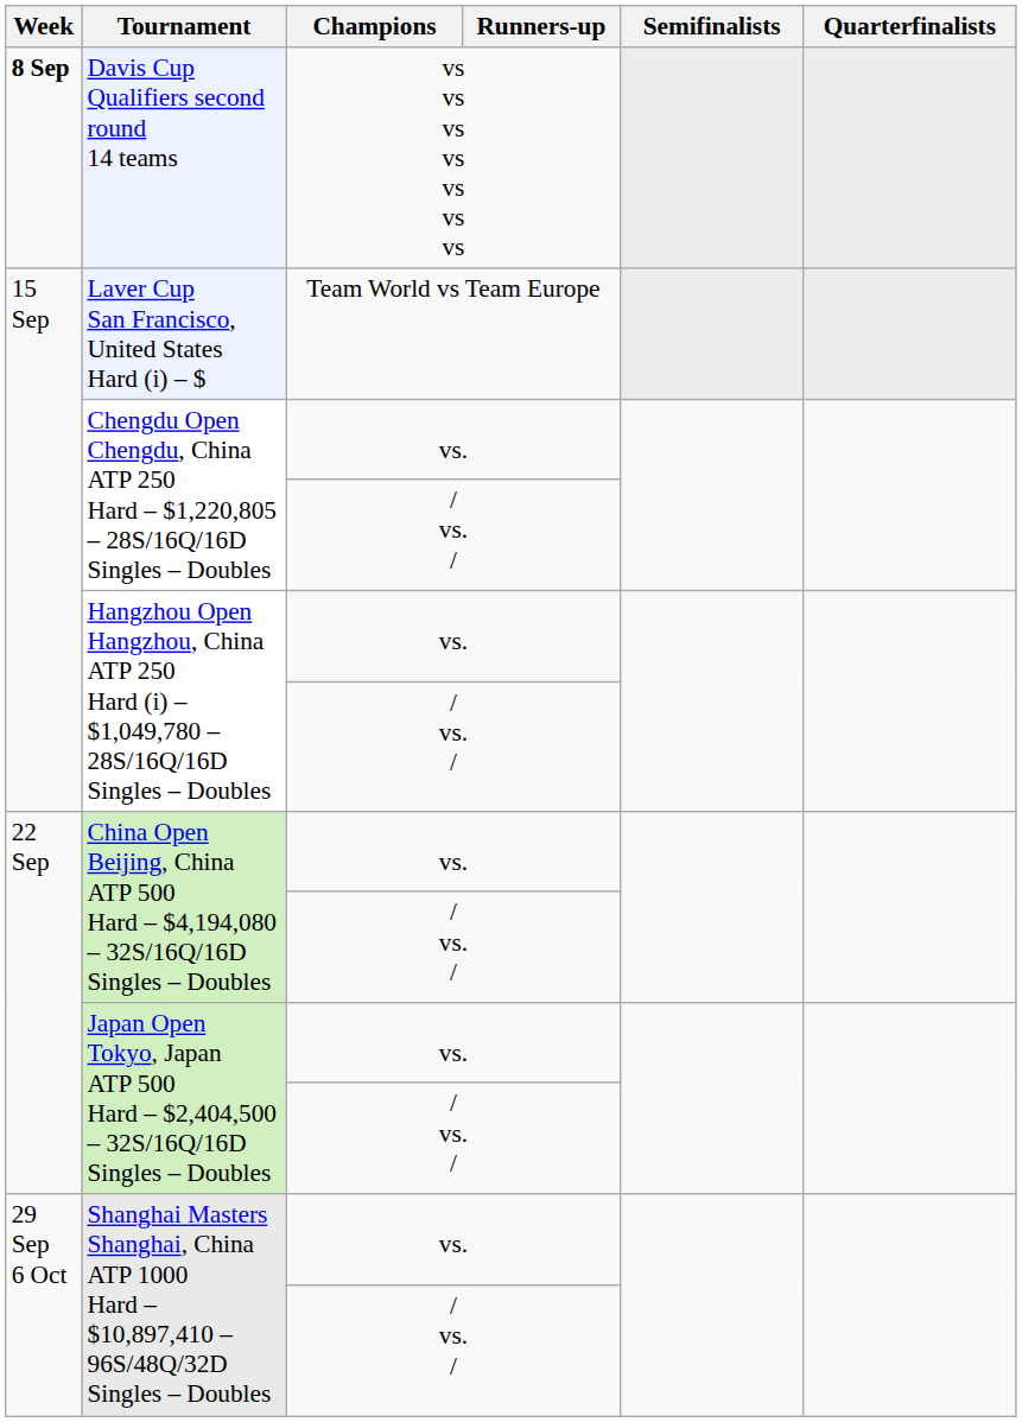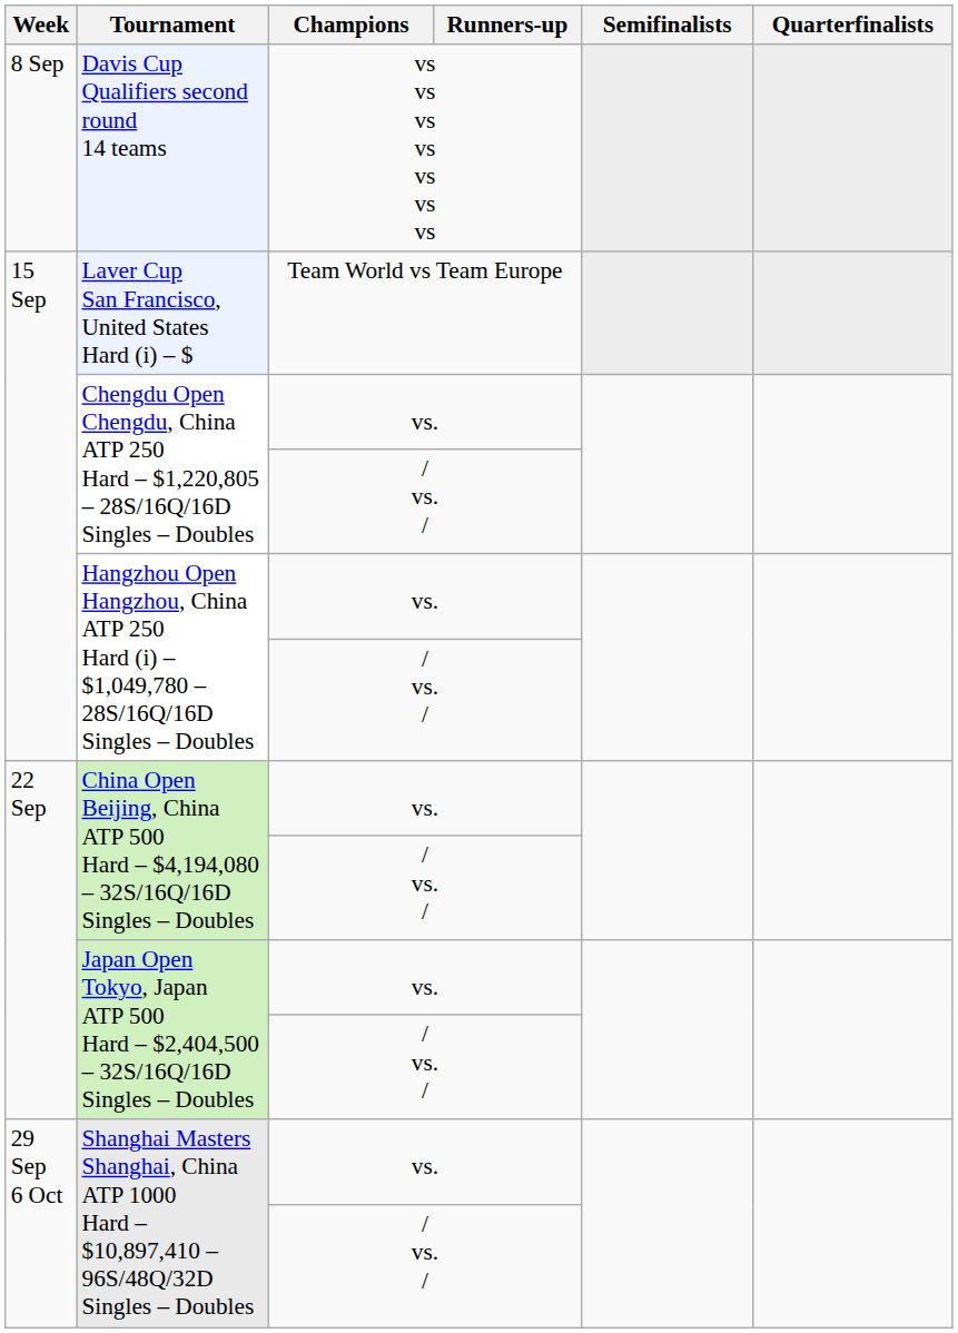 <table class=wikitable style=font-size:95%>
 <tr>
 <th style="width:48px;">Week</th>
 <th style="width:250px;">Tournament</th>
 <th style="width:200px;">Champions</th>
 <th style="width:200px;">Runners-up</th>
 <th style="width:190px;">Semifinalists</th>
 <th style="width:190px;">Quarterfinalists</th>
 </tr>
 <tr style="vertical-align:top">
-<td><strong>8 Sep</strong></td>
+<td>8 Sep</td>
 <td style="background:#ECF2FF;"><a href='#'>Davis Cup Qualifiers second round</a> <br> 14 teams</td>
 <td colspan="2" style="text-align:center;">vs <br> vs <br> vs <br> vs <br> vs <br> vs <br> vs</td>
 <td style="background:#ededed;"></td>
 <td style="background:#ededed;"></td>
 </tr>
 <tr style="vertical-align:top">
 <td rowspan=5>15 Sep</td>
 <td style="background:#ECF2FF;"><a href='#'>Laver Cup</a><br><a href='#'>San Francisco</a>, United States<br>Hard (i) – $</td>
 <td colspan="2" align=center> Team World vs  Team Europe</td>
 <td style="background:#ededed;"></td>
 <td style="background:#ededed;"></td>
 </tr>
 <tr style="vertical-align:top">
 <td style="background:#fff;" rowspan=2><a href='#'>Chengdu Open</a><br><a href='#'>Chengdu</a>, China<br>ATP 250<br>Hard – $1,220,805 – 28S/16Q/16D<br>Singles – Doubles</td>
 <td colspan="2" align=center> <br> vs. <br> </td>
 <td rowspan=2><br></td>
 <td rowspan=2><br><br><br></td>
 </tr>
 <tr style="vertical-align:top">
 <td colspan="2" align=center> /  <br> vs. <br>  / </td>
 </tr>
 <tr style="vertical-align:top">
 <td style="background:#fff;" rowspan=2><a href='#'>Hangzhou Open</a><br><a href='#'>Hangzhou</a>, China<br>ATP 250<br>Hard (i) – $1,049,780 – 28S/16Q/16D<br>Singles – Doubles</td>
 <td colspan="2" align=center> <br> vs. <br> </td>
 <td rowspan=2><br></td>
 <td rowspan=2><br><br><br></td>
 </tr>
 <tr style="vertical-align:top">
 <td colspan="2" align=center> /  <br> vs. <br>  / </td>
 </tr>
 <tr style="vertical-align:top">
 <td rowspan="4">22 Sep</td>
 <td style="background:#d0f0c0;" rowspan=2><a href='#'>China Open</a><br><a href='#'>Beijing</a>, China<br>ATP 500<br>Hard – $4,194,080 – 32S/16Q/16D<br>Singles – Doubles</td>
 <td colspan="2" align=center> <br> vs. <br> </td>
 <td rowspan=2><br></td>
 <td rowspan=2><br><br><br></td>
 </tr>
 <tr style="vertical-align:top">
 <td colspan="2" align=center> /  <br> vs. <br>  / </td>
 </tr>
 <tr style="vertical-align:top">
 <td style="background:#d0f0c0;" rowspan=2><a href='#'>Japan Open</a><br><a href='#'>Tokyo</a>, Japan<br>ATP 500<br>Hard – $2,404,500 – 32S/16Q/16D<br>Singles – Doubles</td>
 <td colspan="2" align=center> <br> vs. <br> </td>
 <td rowspan=2><br></td>
 <td rowspan=2><br><br><br></td>
 </tr>
 <tr style="vertical-align:top">
 <td colspan="2" align=center> /  <br> vs. <br>  / </td>
 </tr>
 <tr style="vertical-align:top">
 <td rowspan=2>29 Sep<br>6 Oct</td>
 <td style="background:#e9e9e9;" rowspan=2><a href='#'>Shanghai Masters</a><br><a href='#'>Shanghai</a>, China<br>ATP 1000<br>Hard – $10,897,410 – 96S/48Q/32D<br>Singles – Doubles</td>
 <td colspan="2" align=center> <br> vs. <br> </td>
 <td rowspan=2><br></td>
 <td rowspan=2><br><br><br></td>
 </tr>
 <tr style="vertical-align:top">
 <td colspan="2" align=center> /  <br> vs. <br>  / </td>
 </tr>
 </table>
